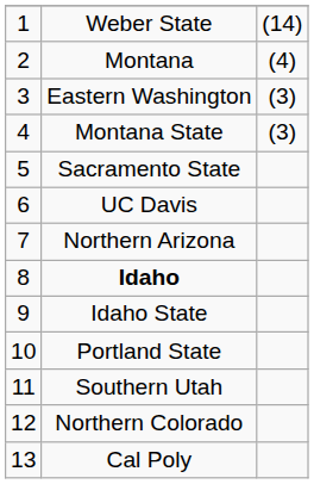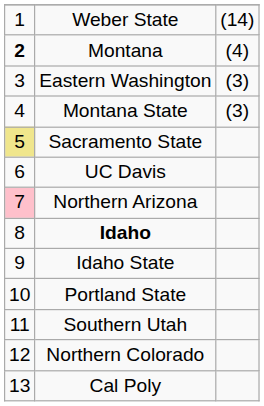 <table class="wikitable" style="display: inline-table;">
 <tr align="center">
 </tr>
 <tr align="center">
 <td>1</td>
 <td>Weber State</td>
 <td>(14)</td>
 </tr>
 <tr align="center">
-<td>2</td>
+<td><strong>2</strong></td>
 <td>Montana</td>
 <td>(4)</td>
 </tr>
 <tr align="center">
 <td>3</td>
 <td>Eastern Washington</td>
 <td>(3)</td>
 </tr>
 <tr align="center">
 <td>4</td>
 <td>Montana State</td>
 <td>(3)</td>
 </tr>
 <tr align="center">
-<td>5</td>
+<td style="background: khaki;">5</td>
 <td>Sacramento State</td>
 <td></td>
 </tr>
 <tr align="center">
 <td>6</td>
 <td>UC Davis</td>
 <td></td>
 </tr>
 <tr align="center">
-<td>7</td>
+<td style="background: pink;">7</td>
 <td>Northern Arizona</td>
 <td></td>
 </tr>
 <tr align="center">
 <td>8</td>
 <td><strong>Idaho</strong></td>
 <td></td>
 </tr>
 <tr align="center">
 <td>9</td>
 <td>Idaho State</td>
 <td></td>
 </tr>
 <tr align="center">
 <td>10</td>
 <td>Portland State</td>
 <td></td>
 </tr>
 <tr align="center">
 <td>11</td>
 <td>Southern Utah</td>
 <td></td>
 </tr>
 <tr align="center">
 <td>12</td>
 <td>Northern Colorado</td>
 <td></td>
 </tr>
 <tr align="center">
 <td>13</td>
 <td>Cal Poly</td>
 <td></td>
 </tr>
 </table>
